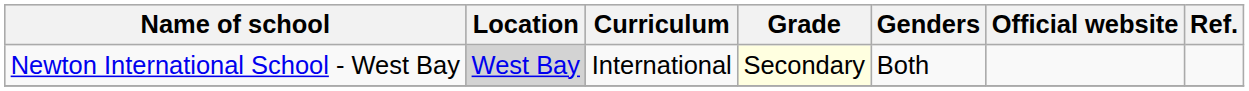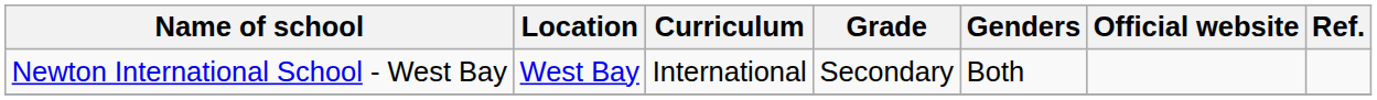 <table class="wikitable">
 <tr>
 <th>Name of school</th>
 <th>Location</th>
 <th>Curriculum</th>
 <th>Grade</th>
 <th>Genders</th>
 <th>Official website</th>
 <th>Ref.</th>
 </tr>
 <tr>
 <td><a href='#'>Newton International School</a> - West Bay</td>
-<td style="background: lightgrey;"><a href='#'>West Bay</a></td>
+<td><a href='#'>West Bay</a></td>
 <td>International</td>
-<td style="background: lightyellow;">Secondary</td>
+<td>Secondary</td>
 <td>Both</td>
 <td></td>
 <td></td>
 </tr>
 <tr>
 </tr>
 </table>
